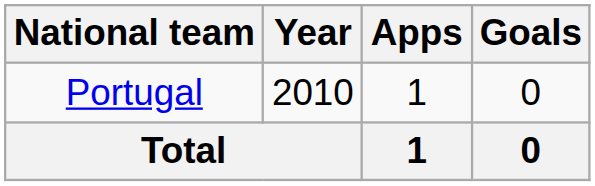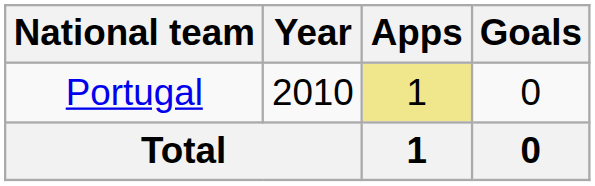 <table class="wikitable" style="text-align:center">
 <tr>
 <th>National team</th>
 <th>Year</th>
 <th>Apps</th>
 <th>Goals</th>
 </tr>
 <tr>
 <td><a href='#'>Portugal</a></td>
 <td>2010</td>
-<td>1</td>
+<td style="background: khaki;">1</td>
 <td>0</td>
 </tr>
 <tr>
 <th colspan="2">Total</th>
 <th>1</th>
 <th>0</th>
 </tr>
 </table>
